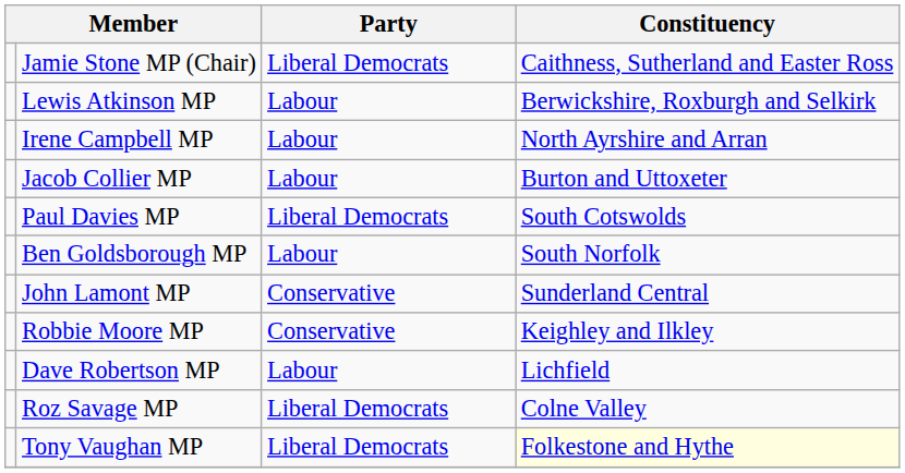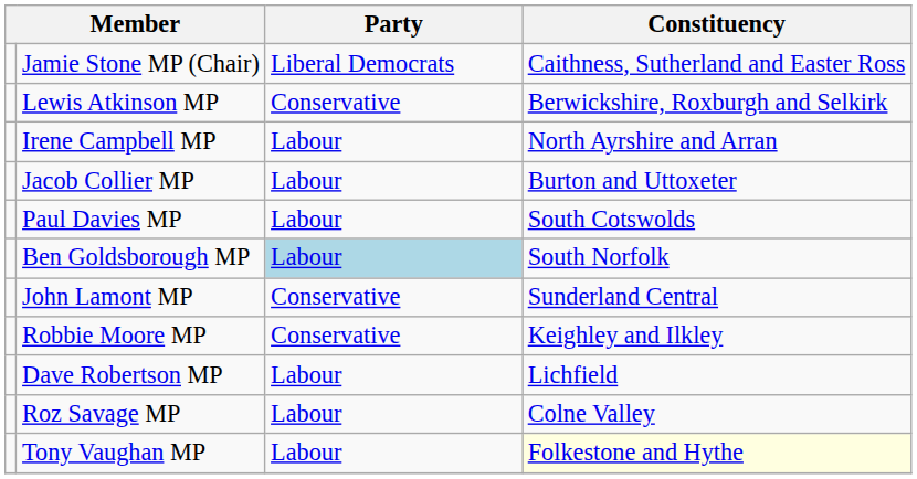 <table class="wikitable">
 <tr>
 <th width="160px" colspan="2" valign="top">Member</th>
 <th width="160px" valign="top">Party</th>
 <th valign="top">Constituency</th>
 </tr>
 <tr>
 <td style="color:inherit;background:"></td>
 <td><a href='#'>Jamie Stone</a> MP (Chair)</td>
 <td><a href='#'>Liberal Democrats</a></td>
 <td><a href='#'>Caithness, Sutherland and Easter Ross</a></td>
 </tr>
 <tr>
 <td style="color:inherit;background:"></td>
 <td><a href='#'>Lewis Atkinson</a> MP</td>
-<td><a href='#'>Labour</a></td>
+<td><a href='#'>Conservative</a></td>
 <td><a href='#'>Berwickshire, Roxburgh and Selkirk</a></td>
 </tr>
 <tr>
 <td style="color:inherit;background:"></td>
 <td><a href='#'>Irene Campbell</a> MP</td>
 <td><a href='#'>Labour</a></td>
 <td><a href='#'>North Ayrshire and Arran</a></td>
 </tr>
 <tr>
 <td style="color:inherit;background:"></td>
 <td><a href='#'>Jacob Collier</a> MP</td>
 <td><a href='#'>Labour</a></td>
 <td><a href='#'>Burton and Uttoxeter</a></td>
 </tr>
 <tr>
 <td style="color:inherit;background:"></td>
 <td><a href='#'>Paul Davies</a> MP</td>
-<td><a href='#'>Liberal Democrats</a></td>
+<td><a href='#'>Labour</a></td>
 <td><a href='#'>South Cotswolds</a></td>
 </tr>
 <tr>
 <td style="color:inherit;background:"></td>
 <td><a href='#'>Ben Goldsborough</a> MP</td>
-<td><a href='#'>Labour</a></td>
+<td style="background: lightblue;"><a href='#'>Labour</a></td>
 <td><a href='#'>South Norfolk</a></td>
 </tr>
 <tr>
 <td style="color:inherit;background:"></td>
 <td><a href='#'>John Lamont</a> MP</td>
 <td><a href='#'>Conservative</a></td>
 <td><a href='#'>Sunderland Central</a></td>
 </tr>
 <tr>
 <td style="color:inherit;background:"></td>
 <td><a href='#'>Robbie Moore</a> MP</td>
 <td><a href='#'>Conservative</a></td>
 <td><a href='#'>Keighley and Ilkley</a></td>
 </tr>
 <tr>
 <td style="color:inherit;background:"></td>
 <td><a href='#'>Dave Robertson</a> MP</td>
 <td><a href='#'>Labour</a></td>
 <td><a href='#'>Lichfield</a></td>
 </tr>
 <tr>
 <td style="color:inherit;background:"></td>
 <td><a href='#'>Roz Savage</a> MP</td>
-<td><a href='#'>Liberal Democrats</a></td>
+<td><a href='#'>Labour</a></td>
 <td><a href='#'>Colne Valley</a></td>
 </tr>
 <tr>
 <td style="color:inherit;background:"></td>
 <td><a href='#'>Tony Vaughan</a> MP</td>
-<td><a href='#'>Liberal Democrats</a></td>
+<td><a href='#'>Labour</a></td>
 <td style="background: lightyellow;"><a href='#'>Folkestone and Hythe</a></td>
 </tr>
 <tr>
 </tr>
 </table>
